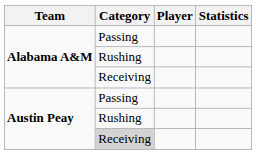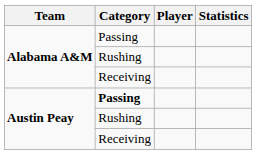 <table class="wikitable" style="float: right;">
 <tr>
 <th>Team</th>
 <th>Category</th>
 <th>Player</th>
 <th>Statistics</th>
 </tr>
 <tr>
 <td rowspan=3><strong>Alabama A&M</strong></td>
 <td>Passing</td>
 <td></td>
 <td></td>
 </tr>
 <tr>
 <td>Rushing</td>
 <td></td>
 <td></td>
 </tr>
 <tr>
 <td>Receiving</td>
 <td></td>
 <td></td>
 </tr>
 <tr>
 <td rowspan=3><strong>Austin Peay</strong></td>
-<td>Passing</td>
+<td><strong>Passing</strong></td>
 <td></td>
 <td></td>
 </tr>
 <tr>
 <td>Rushing</td>
 <td></td>
 <td></td>
 </tr>
 <tr>
-<td style="background: lightgrey;">Receiving</td>
+<td>Receiving</td>
 <td></td>
 <td></td>
 </tr>
 </table>
